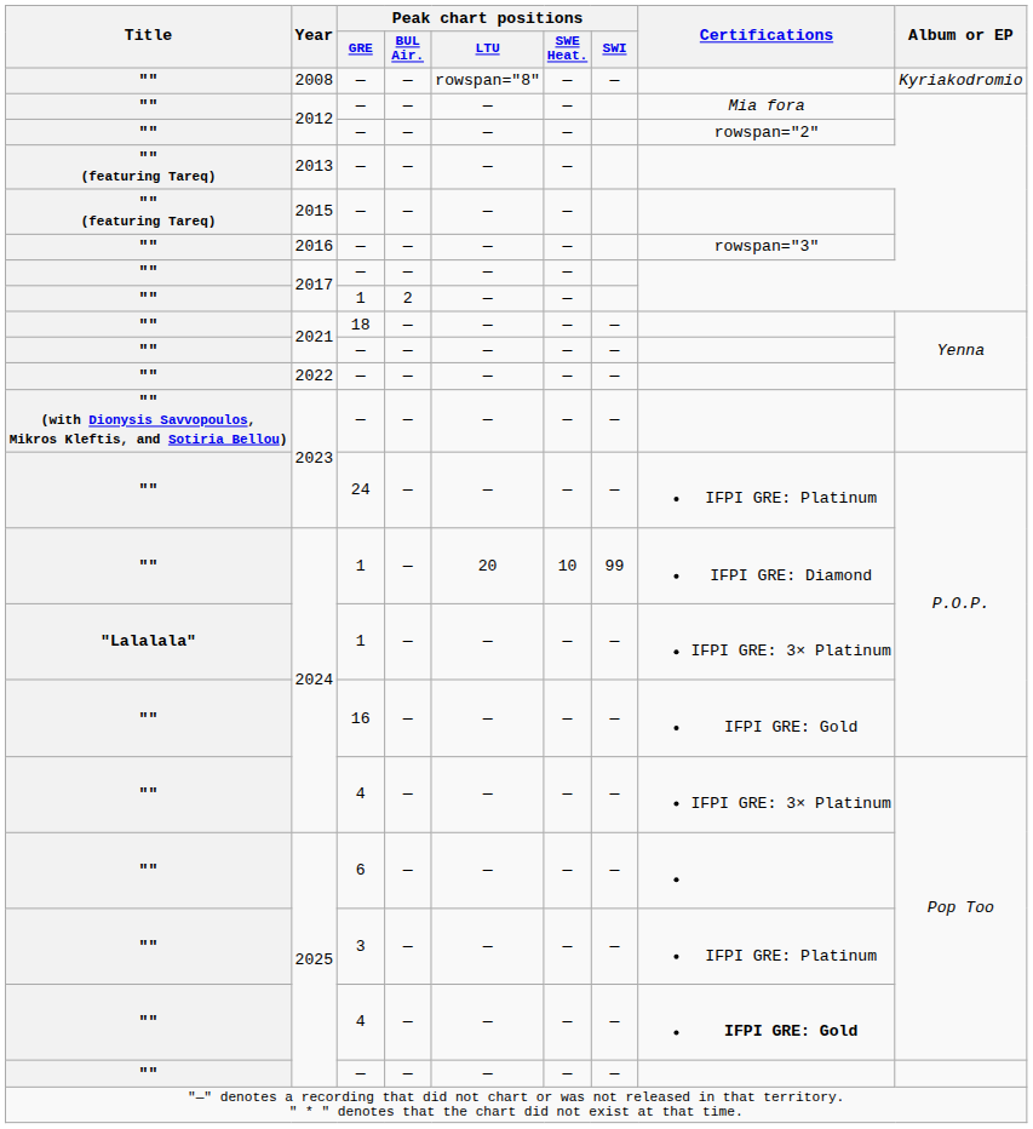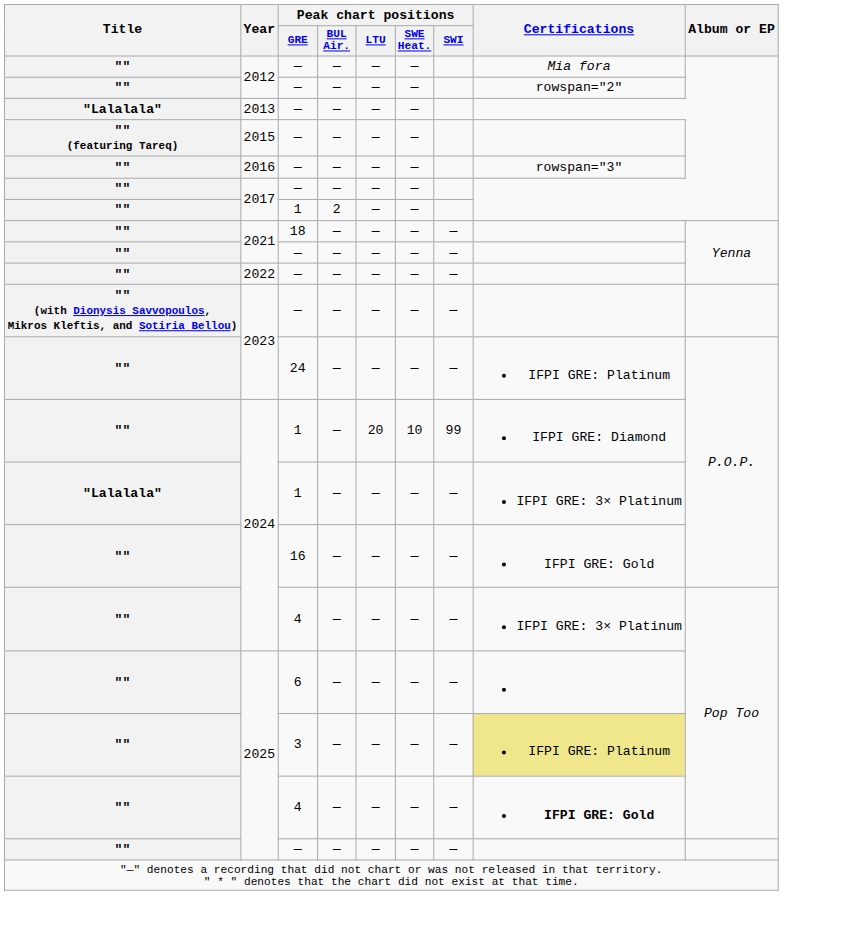 <table class="wikitable plainrowheaders" style="text-align:center;">
 <tr>
 <th scope="col" rowspan="2">Title</th>
 <th scope="col" rowspan="2">Year</th>
 <th colspan="5" scope="col">Peak chart positions</th>
 <th scope="col" rowspan="2"><a href='#'>Certifications</a></th>
 <th scope="col" rowspan="2">Album or EP</th>
 </tr>
 <tr>
 <th scope="col" style="width:3em;font-size:85%;"><a href='#'>GRE</a><br></th>
 <th scope="col" style="width:3em;font-size:85%;"><a href='#'>BUL<br>Air.</a><br></th>
 <th scope="col" style="width:3em;font-size:85%;"><a href='#'>LTU</a><br></th>
 <th scope="col" style="width:3em;font-size:85%;"><a href='#'>SWE<br>Heat.</a><br></th>
 <th scope="col" style="width:3em;font-size:85%;"><a href='#'>SWI</a><br></th>
-</tr>
-<tr>
-<th scope="row">""</th>
-<td>2008</td>
-<td>—</td>
-<td>—</td>
-<td>rowspan="8" </td>
-<td>—</td>
-<td>—</td>
-<td></td>
-<td><em>Kyriakodromio</em></td>
 </tr>
 <tr>
 <th scope="row">""</th>
 <td rowspan="2">2012</td>
 <td>—</td>
 <td>—</td>
 <td>—</td>
 <td>—</td>
 <td></td>
 <td><em>Mia fora</em></td>
 </tr>
 <tr>
 <th scope="row">""</th>
 <td>—</td>
 <td>—</td>
 <td>—</td>
 <td>—</td>
 <td></td>
 <td>rowspan="2" </td>
 </tr>
 <tr>
-<th scope="row">""<br><small>(featuring Tareq)</small></th>
+<th scope="row">"Lalalala"</th>
 <td>2013</td>
 <td>—</td>
 <td>—</td>
 <td>—</td>
 <td>—</td>
 <td></td>
 </tr>
 <tr>
 <th scope="row">""<br><small>(featuring Tareq)</small></th>
 <td>2015</td>
 <td>—</td>
 <td>—</td>
 <td>—</td>
 <td>—</td>
 <td></td>
 <td></td>
 </tr>
 <tr>
 <th scope="row">""</th>
 <td>2016</td>
 <td>—</td>
 <td>—</td>
 <td>—</td>
 <td>—</td>
 <td></td>
 <td>rowspan="3" </td>
 </tr>
 <tr>
 <th scope="row">""</th>
 <td rowspan="2">2017</td>
 <td>—</td>
 <td>—</td>
 <td>—</td>
 <td>—</td>
 <td></td>
 </tr>
 <tr>
 <th scope="row">""</th>
 <td>1</td>
 <td>2</td>
 <td>—</td>
 <td>—</td>
 <td></td>
 </tr>
 <tr>
 <th scope="row">""</th>
 <td rowspan="2">2021</td>
 <td>18</td>
 <td>—</td>
 <td>—</td>
 <td>—</td>
 <td>—</td>
 <td></td>
 <td rowspan="3"><em>Yenna</em></td>
 </tr>
 <tr>
 <th scope="row">""</th>
 <td>—</td>
 <td>—</td>
 <td>—</td>
 <td>—</td>
 <td>—</td>
 <td></td>
 </tr>
 <tr>
 <th scope="row">""</th>
 <td>2022</td>
 <td>—</td>
 <td>—</td>
 <td>—</td>
 <td>—</td>
 <td>—</td>
 <td></td>
 </tr>
 <tr>
 <th scope="row">""<br><small>(with <a href='#'>Dionysis Savvopoulos</a>,<br>Mikros Kleftis, and <a href='#'>Sotiria Bellou</a>)</small></th>
 <td rowspan="2">2023</td>
 <td>—</td>
 <td>—</td>
 <td>—</td>
 <td>—</td>
 <td>—</td>
 <td></td>
 <td></td>
 </tr>
 <tr>
 <th scope="row">""</th>
 <td>24</td>
 <td>—</td>
 <td>—</td>
 <td>—</td>
 <td>—</td>
 <td><br><ul><li>IFPI GRE: Platinum</li></ul></td>
 <td rowspan="4"><em>P.O.P.</em></td>
 </tr>
 <tr>
 <th scope="row">""</th>
 <td rowspan="4">2024</td>
 <td>1</td>
 <td>—</td>
 <td>20</td>
 <td>10</td>
 <td>99</td>
 <td><br><ul><li>IFPI GRE: Diamond</li></ul></td>
 </tr>
 <tr>
 <th scope="row">"Lalalala"</th>
 <td>1</td>
 <td>—</td>
 <td>—</td>
 <td>—</td>
 <td>—</td>
 <td><br><ul><li>IFPI GRE: 3× Platinum</li></ul></td>
 </tr>
 <tr>
 <th scope="row">""</th>
 <td>16</td>
 <td>—</td>
 <td>—</td>
 <td>—</td>
 <td>—</td>
 <td><br><ul><li>IFPI GRE: Gold</li></ul></td>
 </tr>
 <tr>
 <th scope="row">""</th>
 <td>4</td>
 <td>—</td>
 <td>—</td>
 <td>—</td>
 <td>—</td>
 <td><br><ul><li>IFPI GRE: 3× Platinum</li></ul></td>
 <td rowspan="4"><em>Pop Too</em></td>
 </tr>
 <tr>
 <th scope="row">""</th>
 <td rowspan="4">2025</td>
 <td>6</td>
 <td>—</td>
 <td>—</td>
 <td>—</td>
 <td>—</td>
 <td><br><ul><li></li></ul></td>
 </tr>
 <tr>
 <th scope="row">""<br></th>
 <td>3</td>
 <td>—</td>
 <td>—</td>
 <td>—</td>
 <td>—</td>
-<td><br><ul><li>IFPI GRE: Platinum</li></ul></td>
+<td style="background: khaki;"><br><ul><li>IFPI GRE: Platinum</li></ul></td>
 </tr>
 <tr>
 <th scope="row">""</th>
 <td>4</td>
 <td>—</td>
 <td>—</td>
 <td>—</td>
 <td>—</td>
 <td><strong><br><ul><li>IFPI GRE: Gold</li></ul></strong></td>
 </tr>
 <tr>
 <th scope="row">""<br></th>
 <td>—</td>
 <td>—</td>
 <td>—</td>
 <td>—</td>
 <td>—</td>
 <td></td>
 <td></td>
 </tr>
 <tr>
 <td colspan="9" style="font-size:85%">"—" denotes a recording that did not chart or was not released in that territory.<br>" * " denotes that the chart did not exist at that time.</td>
 </tr>
 </table>
